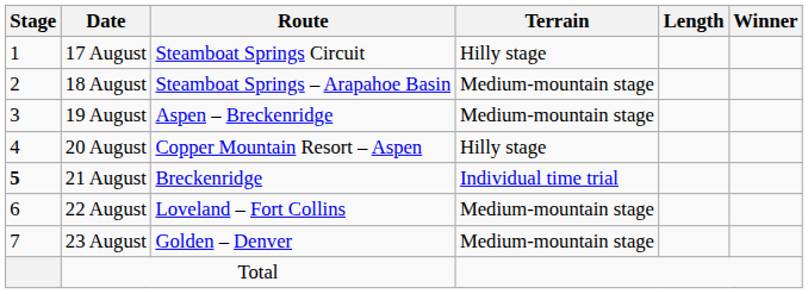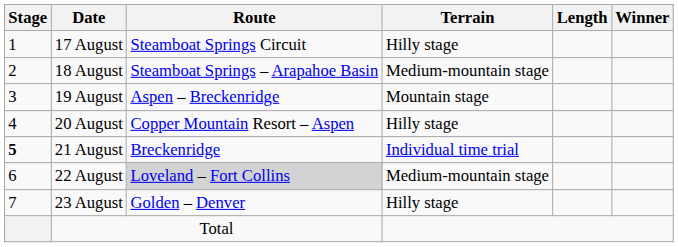 <table class="wikitable">
 <tr>
 <th>Stage</th>
 <th>Date</th>
 <th>Route</th>
 <th>Terrain</th>
 <th>Length</th>
 <th>Winner</th>
 </tr>
 <tr>
 <td style="align:center;">1</td>
 <td>17 August</td>
 <td><a href='#'>Steamboat Springs</a> Circuit</td>
 <td> Hilly stage</td>
 <td></td>
 <td></td>
 </tr>
 <tr>
 <td style="align:center;">2</td>
 <td>18 August</td>
 <td><a href='#'>Steamboat Springs</a> – <a href='#'>Arapahoe Basin</a></td>
 <td> Medium-mountain stage</td>
 <td></td>
 <td></td>
 </tr>
 <tr>
 <td style="align:center;">3</td>
 <td>19 August</td>
 <td><a href='#'>Aspen</a> – <a href='#'>Breckenridge</a></td>
-<td> Medium-mountain stage</td>
+<td> Mountain stage</td>
 <td></td>
 <td></td>
 </tr>
 <tr>
 <td style="align:center;">4</td>
 <td>20 August</td>
 <td><a href='#'>Copper Mountain</a> Resort – <a href='#'>Aspen</a></td>
 <td> Hilly stage</td>
 <td></td>
 <td></td>
 </tr>
 <tr>
 <td style="align:center;"><strong>5</strong></td>
 <td>21 August</td>
 <td><a href='#'>Breckenridge</a></td>
 <td> <a href='#'>Individual time trial</a></td>
 <td></td>
 <td></td>
 </tr>
 <tr>
 <td style="align:center;">6</td>
 <td>22 August</td>
-<td><a href='#'>Loveland</a> – <a href='#'>Fort Collins</a></td>
+<td style="background: lightgrey;"><a href='#'>Loveland</a> – <a href='#'>Fort Collins</a></td>
 <td> Medium-mountain stage</td>
 <td></td>
 <td></td>
 </tr>
 <tr>
 <td style="align:center;">7</td>
 <td>23 August</td>
 <td><a href='#'>Golden</a> – <a href='#'>Denver</a></td>
-<td> Medium-mountain stage</td>
+<td> Hilly stage</td>
 <td></td>
 <td></td>
 </tr>
 <tr>
 <th></th>
 <td colspan="2" style="text-align:center;">Total</td>
 <td colspan="5" style="text-align:center;"></td>
 </tr>
 </table>
